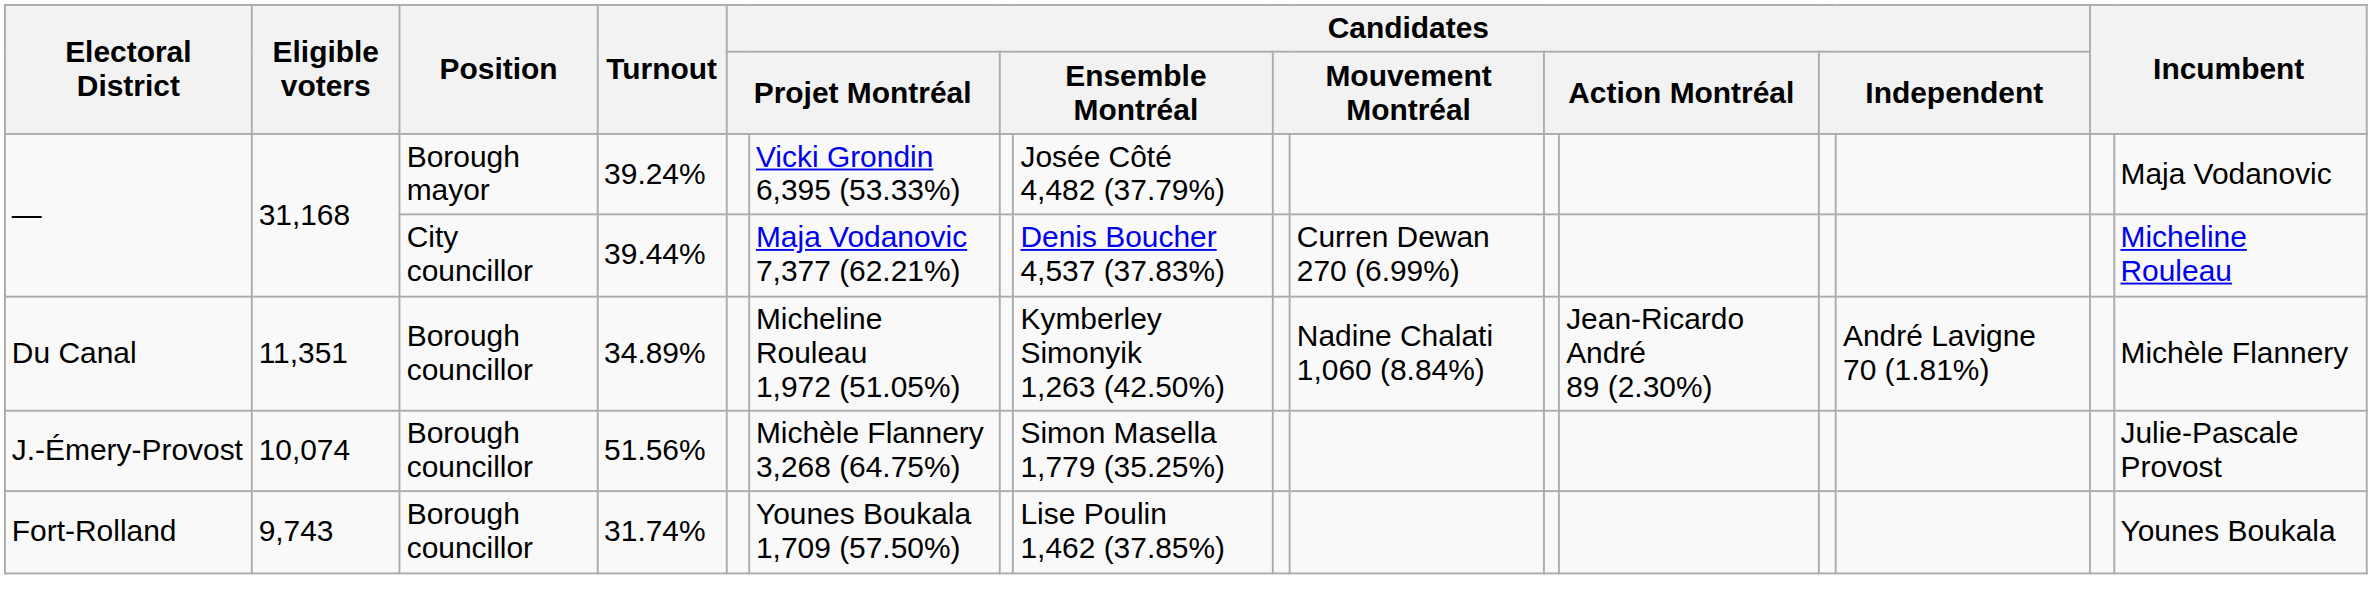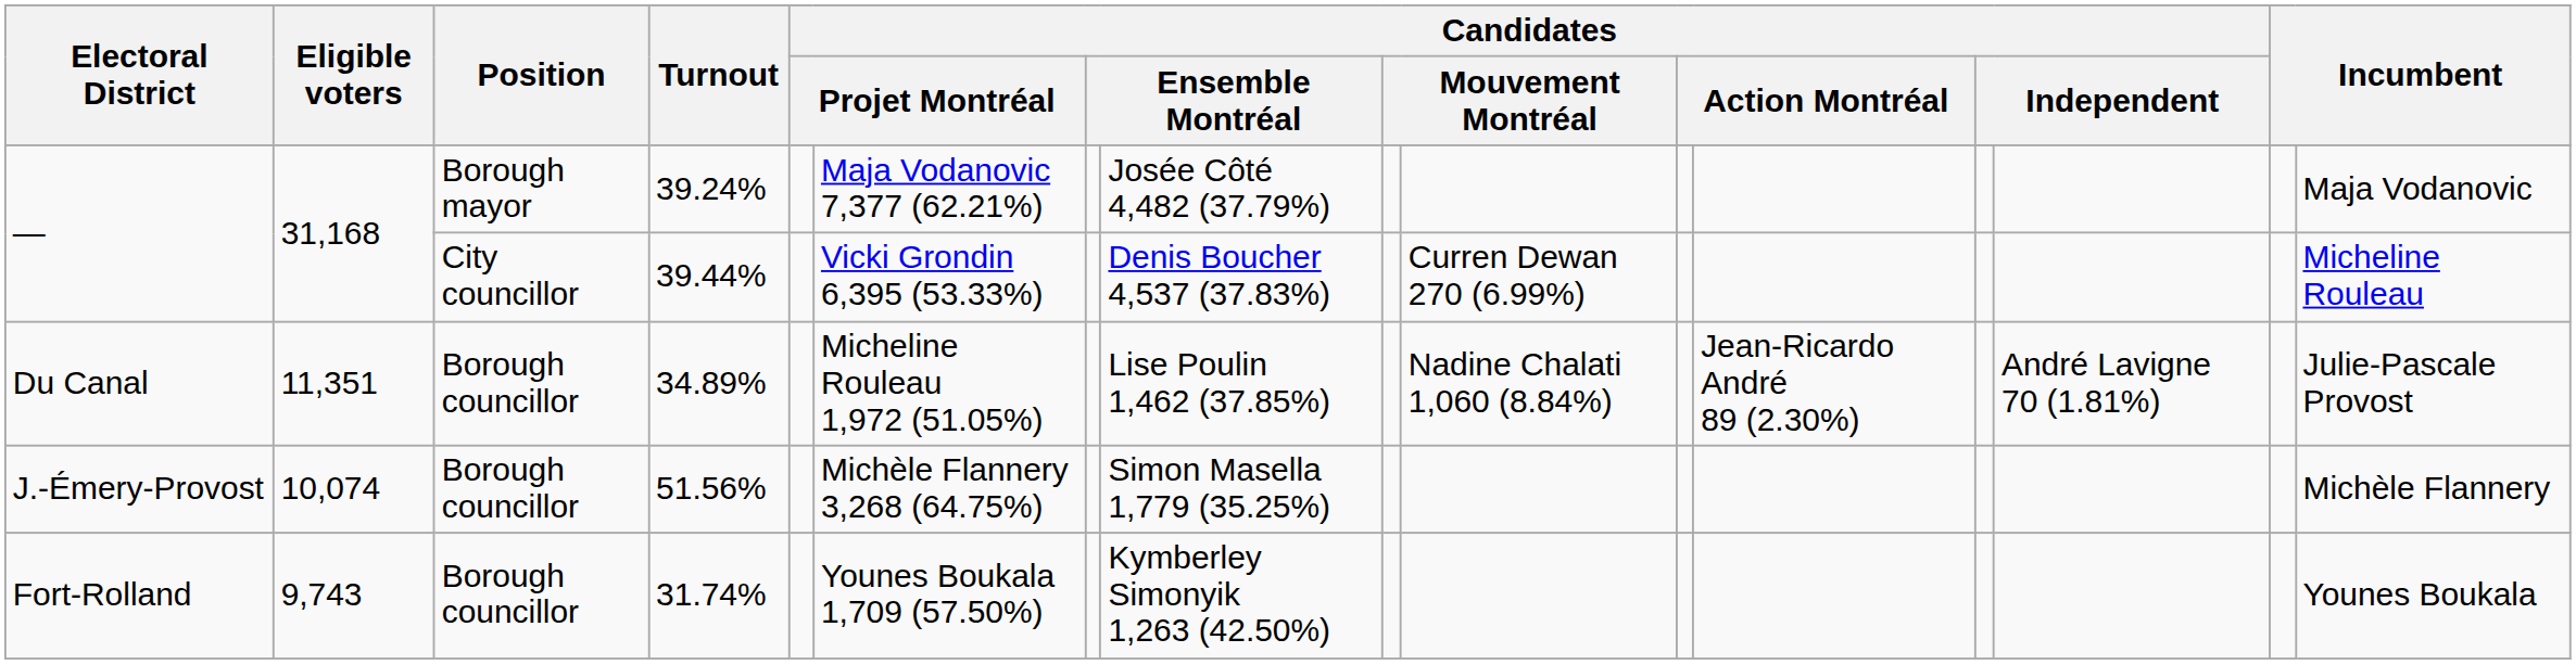 <table class="wikitable" width="100%">
 <tr>
 <th width=10% rowspan=2>Electoral District</th>
 <th width=6% rowspan=2>Eligible voters</th>
 <th width=8% rowspan=2>Position</th>
 <th width=4% rowspan=2>Turnout</th>
 <th colspan=10>Candidates</th>
 <th width=11% colspan=2 rowspan=2>Incumbent</th>
 </tr>
 <tr>
 <th width=11% colspan=2 ><span>Projet Montréal</span></th>
 <th width=11% colspan=2 ><span>Ensemble Montréal</span></th>
 <th width=11% colspan=2 ><span>Mouvement Montréal</span></th>
 <th width=11% colspan=2 >Action Montréal</th>
 <th width=11% colspan=2 >Independent</th>
 </tr>
 <tr>
 <td rowspan=2>—</td>
 <td rowspan=2>31,168</td>
 <td>Borough mayor</td>
 <td>39.24%</td>
 <td> </td>
-<td><a href='#'>Vicki Grondin</a> <br> 6,395 (53.33%)</td>
+<td><a href='#'>Maja Vodanovic</a> <br> 7,377 (62.21%)</td>
 <td></td>
 <td>Josée Côté <br> 4,482 (37.79%)</td>
 <td></td>
 <td></td>
 <td></td>
 <td></td>
 <td></td>
 <td></td>
 <td> </td>
 <td>Maja Vodanovic</td>
 </tr>
 <tr>
 <td>City councillor</td>
 <td>39.44%</td>
 <td> </td>
-<td><a href='#'>Maja Vodanovic</a> <br> 7,377 (62.21%)</td>
+<td><a href='#'>Vicki Grondin</a> <br> 6,395 (53.33%)</td>
 <td></td>
 <td><a href='#'>Denis Boucher</a> <br> 4,537 (37.83%)</td>
 <td></td>
 <td>Curren Dewan <br> 270 (6.99%)</td>
 <td></td>
 <td></td>
 <td></td>
 <td></td>
 <td> </td>
 <td><a href='#'>Micheline Rouleau</a></td>
 </tr>
 <tr>
 <td>Du Canal</td>
 <td>11,351</td>
 <td>Borough councillor</td>
 <td>34.89%</td>
 <td> </td>
 <td>Micheline Rouleau <br> 1,972 (51.05%)</td>
 <td></td>
-<td>Kymberley Simonyik <br> 1,263 (42.50%)</td>
+<td>Lise Poulin <br> 1,462 (37.85%)</td>
 <td></td>
 <td>Nadine Chalati <br> 1,060 (8.84%)</td>
 <td></td>
 <td>Jean-Ricardo André <br> 89 (2.30%)</td>
 <td></td>
 <td>André Lavigne <br> 70 (1.81%)</td>
 <td> </td>
-<td>Michèle Flannery</td>
+<td>Julie-Pascale Provost</td>
 </tr>
 <tr>
 <td>J.-Émery-Provost</td>
 <td>10,074</td>
 <td>Borough councillor</td>
 <td>51.56%</td>
 <td> </td>
 <td>Michèle Flannery <br> 3,268 (64.75%)</td>
 <td></td>
 <td>Simon Masella <br> 1,779 (35.25%)</td>
 <td></td>
 <td></td>
 <td></td>
 <td></td>
 <td></td>
 <td></td>
 <td> </td>
-<td>Julie-Pascale Provost</td>
+<td>Michèle Flannery</td>
 </tr>
 <tr>
 <td>Fort-Rolland</td>
 <td>9,743</td>
 <td>Borough councillor</td>
 <td>31.74%</td>
 <td> </td>
 <td>Younes Boukala <br> 1,709 (57.50%)</td>
 <td></td>
-<td>Lise Poulin <br> 1,462 (37.85%)</td>
+<td>Kymberley Simonyik <br> 1,263 (42.50%)</td>
 <td></td>
 <td></td>
 <td></td>
 <td></td>
 <td></td>
 <td></td>
 <td> </td>
 <td>Younes Boukala</td>
 </tr>
 </table>
